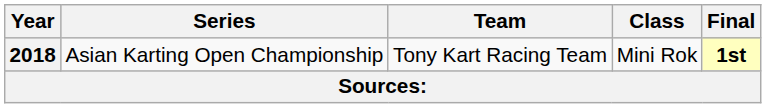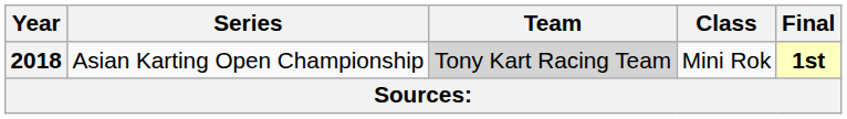 <table class="wikitable" style="text-align:center; font-size:90%">
 <tr>
 <th>Year</th>
 <th>Series</th>
 <th>Team</th>
 <th>Class</th>
 <th>Final</th>
 </tr>
 <tr>
 <th>2018</th>
 <td align="left">Asian Karting Open Championship</td>
-<td align="left">Tony Kart Racing Team</td>
+<td align="left" style="background: lightgrey;">Tony Kart Racing Team</td>
 <td align="left">Mini Rok</td>
 <td style="background:#FFFFBF;"><strong>1st</strong></td>
 </tr>
 <tr>
 <th colspan="5">Sources:</th>
 </tr>
 </table>
